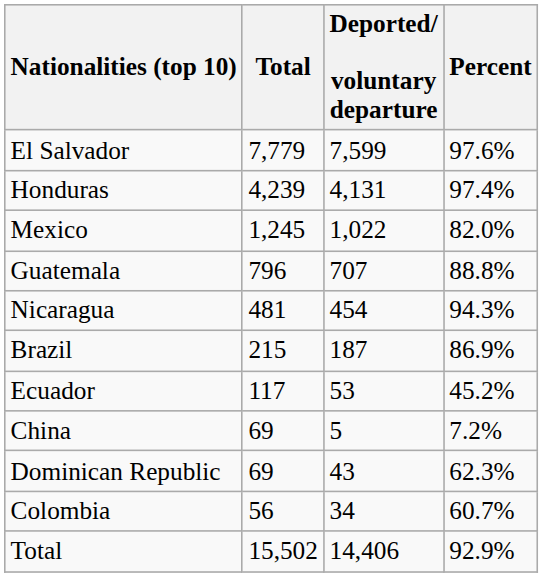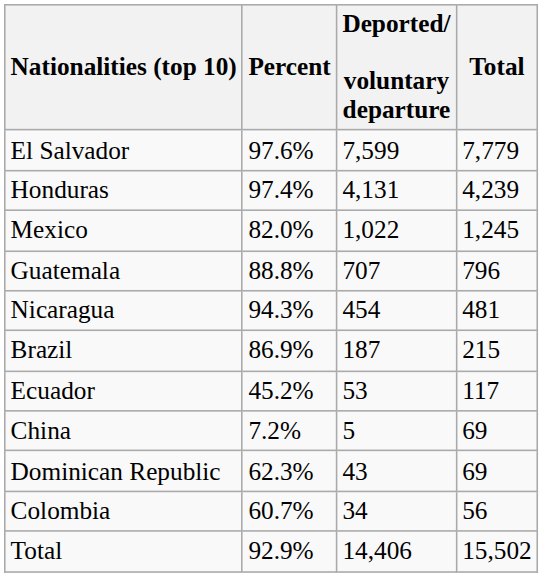 <table class="wikitable">
 <tr>
 <th>Nationalities (top 10)</th>
+<th>Percent</th>
+<th>Deported/<br><br>voluntary<br> departure</th>
 <th>Total</th>
-<th>Deported/<br><br>voluntary<br> departure</th>
-<th>Percent</th>
 </tr>
 <tr>
 <td>El Salvador</td>
+<td>97.6%</td>
+<td>7,599</td>
 <td>7,779</td>
-<td>7,599</td>
-<td>97.6%</td>
 </tr>
 <tr>
 <td>Honduras</td>
+<td>97.4%</td>
+<td>4,131</td>
 <td>4,239</td>
-<td>4,131</td>
-<td>97.4%</td>
 </tr>
 <tr>
 <td>Mexico</td>
+<td>82.0%</td>
+<td>1,022</td>
 <td>1,245</td>
-<td>1,022</td>
-<td>82.0%</td>
 </tr>
 <tr>
 <td>Guatemala</td>
+<td>88.8%</td>
+<td>707</td>
 <td>796</td>
-<td>707</td>
-<td>88.8%</td>
 </tr>
 <tr>
 <td>Nicaragua</td>
+<td>94.3%</td>
+<td>454</td>
 <td>481</td>
-<td>454</td>
-<td>94.3%</td>
 </tr>
 <tr>
 <td>Brazil</td>
+<td>86.9%</td>
+<td>187</td>
 <td>215</td>
-<td>187</td>
-<td>86.9%</td>
 </tr>
 <tr>
 <td>Ecuador</td>
+<td>45.2%</td>
+<td>53</td>
 <td>117</td>
-<td>53</td>
-<td>45.2%</td>
 </tr>
 <tr>
 <td>China</td>
+<td>7.2%</td>
+<td>5</td>
 <td>69</td>
-<td>5</td>
-<td>7.2%</td>
 </tr>
 <tr>
 <td>Dominican Republic</td>
+<td>62.3%</td>
+<td>43</td>
 <td>69</td>
-<td>43</td>
-<td>62.3%</td>
 </tr>
 <tr>
 <td>Colombia</td>
+<td>60.7%</td>
+<td>34</td>
 <td>56</td>
-<td>34</td>
-<td>60.7%</td>
 </tr>
 <tr>
 <td>Total</td>
+<td>92.9%</td>
+<td>14,406</td>
 <td>15,502</td>
-<td>14,406</td>
-<td>92.9%</td>
 </tr>
 </table>
